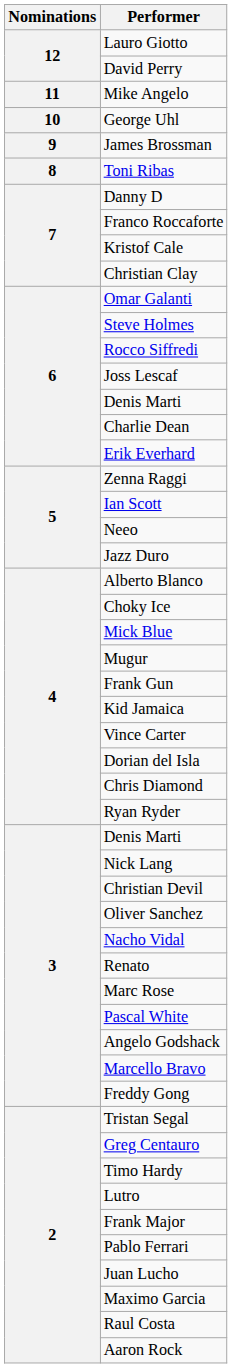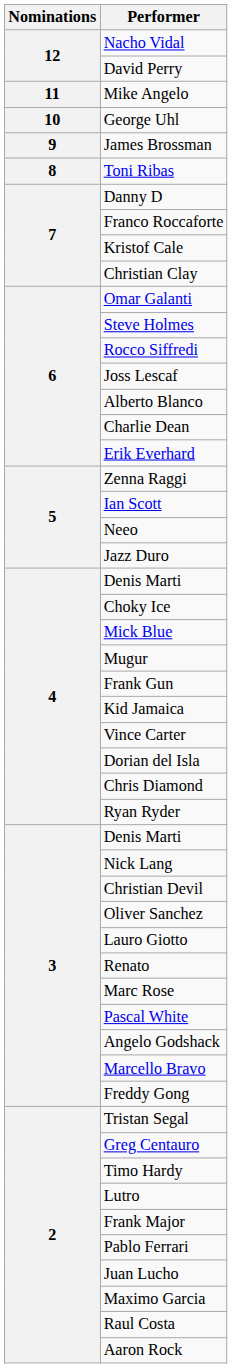 <table class="wikitable sortable">
 <tr>
 <th>Nominations</th>
 <th>Performer</th>
 </tr>
 <tr>
 <th rowspan="2">12</th>
-<td> Lauro Giotto</td>
+<td> <a href='#'>Nacho Vidal</a></td>
 </tr>
 <tr>
 <td> David Perry</td>
 </tr>
 <tr>
 <th>11</th>
 <td> Mike Angelo</td>
 </tr>
 <tr>
 <th>10</th>
 <td> George Uhl</td>
 </tr>
 <tr>
 <th>9</th>
 <td> James Brossman</td>
 </tr>
 <tr>
 <th>8</th>
 <td> <a href='#'>Toni Ribas</a></td>
 </tr>
 <tr>
 <th rowspan="4">7</th>
 <td> Danny D</td>
 </tr>
 <tr>
 <td> Franco Roccaforte</td>
 </tr>
 <tr>
 <td> Kristof Cale</td>
 </tr>
 <tr>
 <td> Christian Clay</td>
 </tr>
 <tr>
 <th rowspan="7">6</th>
 <td> <a href='#'>Omar Galanti</a></td>
 </tr>
 <tr>
 <td> <a href='#'>Steve Holmes</a></td>
 </tr>
 <tr>
 <td> <a href='#'>Rocco Siffredi</a></td>
 </tr>
 <tr>
 <td> Joss Lescaf</td>
 </tr>
 <tr>
-<td> Denis Marti</td>
+<td> Alberto Blanco</td>
 </tr>
 <tr>
 <td> Charlie Dean</td>
 </tr>
 <tr>
 <td> <a href='#'>Erik Everhard</a></td>
 </tr>
 <tr>
 <th rowspan="4">5</th>
 <td> Zenna Raggi</td>
 </tr>
 <tr>
 <td> <a href='#'>Ian Scott</a></td>
 </tr>
 <tr>
 <td> Neeo</td>
 </tr>
 <tr>
 <td> Jazz Duro</td>
 </tr>
 <tr>
 <th rowspan="10">4</th>
-<td> Alberto Blanco</td>
+<td> Denis Marti</td>
 </tr>
 <tr>
 <td> Choky Ice</td>
 </tr>
 <tr>
 <td> <a href='#'>Mick Blue</a></td>
 </tr>
 <tr>
 <td> Mugur</td>
 </tr>
 <tr>
 <td> Frank Gun</td>
 </tr>
 <tr>
 <td> Kid Jamaica</td>
 </tr>
 <tr>
 <td> Vince Carter</td>
 </tr>
 <tr>
 <td> Dorian del Isla</td>
 </tr>
 <tr>
 <td> Chris Diamond</td>
 </tr>
 <tr>
 <td> Ryan Ryder</td>
 </tr>
 <tr>
 <th rowspan="11">3</th>
 <td> Denis Marti</td>
 </tr>
 <tr>
 <td> Nick Lang</td>
 </tr>
 <tr>
 <td> Christian Devil</td>
 </tr>
 <tr>
 <td> Oliver Sanchez</td>
 </tr>
 <tr>
-<td> <a href='#'>Nacho Vidal</a></td>
+<td> Lauro Giotto</td>
 </tr>
 <tr>
 <td> Renato</td>
 </tr>
 <tr>
 <td> Marc Rose</td>
 </tr>
 <tr>
 <td> <a href='#'>Pascal White</a></td>
 </tr>
 <tr>
 <td> Angelo Godshack</td>
 </tr>
 <tr>
 <td> <a href='#'>Marcello Bravo</a></td>
 </tr>
 <tr>
 <td> Freddy Gong</td>
 </tr>
 <tr>
 <th rowspan="10">2</th>
 <td> Tristan Segal</td>
 </tr>
 <tr>
 <td> <a href='#'>Greg Centauro</a></td>
 </tr>
 <tr>
 <td> Timo Hardy</td>
 </tr>
 <tr>
 <td> Lutro</td>
 </tr>
 <tr>
 <td> Frank Major</td>
 </tr>
 <tr>
 <td> Pablo Ferrari</td>
 </tr>
 <tr>
 <td> Juan Lucho</td>
 </tr>
 <tr>
 <td> Maximo Garcia</td>
 </tr>
 <tr>
 <td> Raul Costa</td>
 </tr>
 <tr>
 <td> Aaron Rock</td>
 </tr>
 </table>
